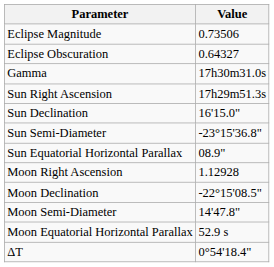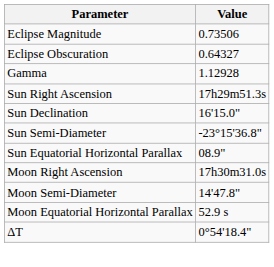 <table class="wikitable">
 <tr>
 <th>Parameter</th>
 <th>Value</th>
 </tr>
 <tr>
 <td>Eclipse Magnitude</td>
 <td>0.73506</td>
 </tr>
 <tr>
 <td>Eclipse Obscuration</td>
 <td>0.64327</td>
 </tr>
 <tr>
 <td>Gamma</td>
-<td>17h30m31.0s</td>
+<td>1.12928</td>
 </tr>
 <tr>
 <td>Sun Right Ascension</td>
 <td>17h29m51.3s</td>
 </tr>
 <tr>
 <td>Sun Declination</td>
 <td>16'15.0"</td>
 </tr>
 <tr>
 <td>Sun Semi-Diameter</td>
 <td>-23°15'36.8"</td>
 </tr>
 <tr>
 <td>Sun Equatorial Horizontal Parallax</td>
 <td>08.9"</td>
 </tr>
 <tr>
 <td>Moon Right Ascension</td>
-<td>1.12928</td>
-</tr>
-<tr>
-<td>Moon Declination</td>
-<td>-22°15'08.5"</td>
+<td>17h30m31.0s</td>
 </tr>
 <tr>
 <td>Moon Semi-Diameter</td>
 <td>14'47.8"</td>
 </tr>
 <tr>
 <td>Moon Equatorial Horizontal Parallax</td>
 <td>52.9 s</td>
 </tr>
 <tr>
 <td>ΔT</td>
 <td>0°54'18.4"</td>
 </tr>
 </table>
